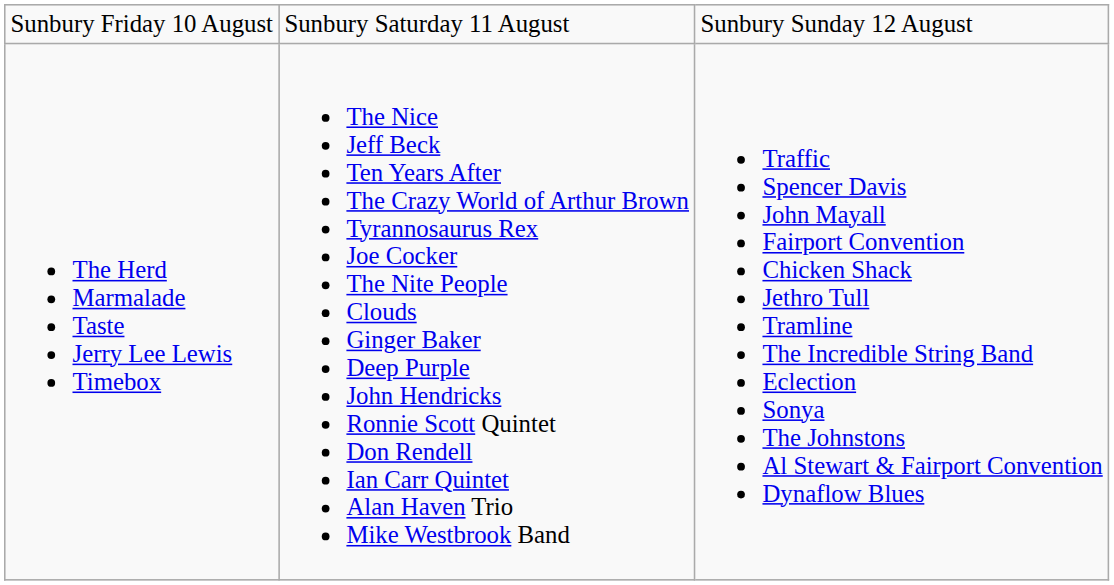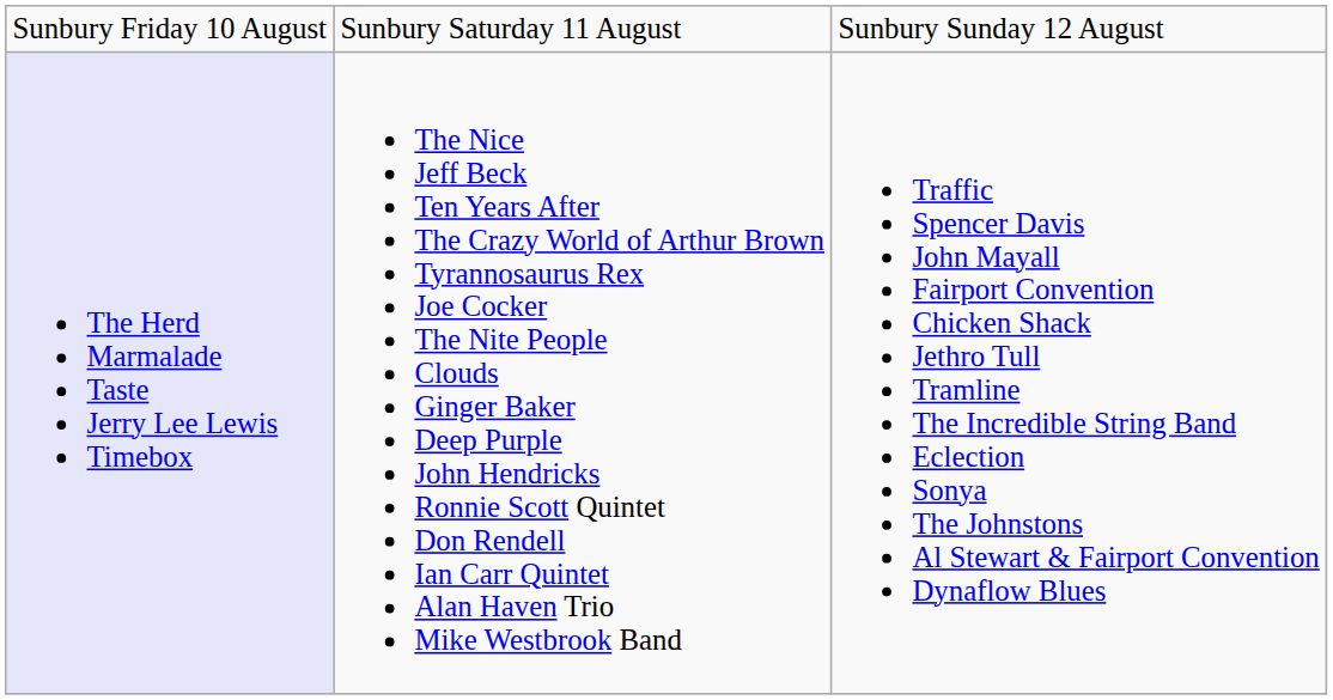 <table class="wikitable">
 <tr>
 <td>Sunbury Friday 10 August</td>
 <td>Sunbury Saturday 11 August</td>
 <td>Sunbury Sunday 12 August</td>
 </tr>
 <tr>
-<td><br><ul><li><a href='#'>The Herd</a></li><li><a href='#'>Marmalade</a></li><li><a href='#'>Taste</a></li><li><a href='#'>Jerry Lee Lewis</a></li><li><a href='#'>Timebox</a></li></ul></td>
+<td style="background: lavender;"><br><ul><li><a href='#'>The Herd</a></li><li><a href='#'>Marmalade</a></li><li><a href='#'>Taste</a></li><li><a href='#'>Jerry Lee Lewis</a></li><li><a href='#'>Timebox</a></li></ul></td>
 <td><br><ul><li><a href='#'>The Nice</a></li><li><a href='#'>Jeff Beck</a></li><li><a href='#'>Ten Years After</a></li><li><a href='#'>The Crazy World of Arthur Brown</a></li><li><a href='#'>Tyrannosaurus Rex</a></li><li><a href='#'>Joe Cocker</a></li><li><a href='#'>The Nite People</a></li><li><a href='#'>Clouds</a></li><li><a href='#'>Ginger Baker</a></li><li><a href='#'>Deep Purple</a></li><li><a href='#'>John Hendricks</a></li><li><a href='#'>Ronnie Scott</a> Quintet</li><li><a href='#'>Don Rendell</a></li><li><a href='#'>Ian Carr Quintet</a></li><li><a href='#'>Alan Haven</a> Trio</li><li><a href='#'>Mike Westbrook</a> Band</li></ul></td>
 <td><br><ul><li><a href='#'>Traffic</a></li><li><a href='#'>Spencer Davis</a></li><li><a href='#'>John Mayall</a></li><li><a href='#'>Fairport Convention</a></li><li><a href='#'>Chicken Shack</a></li><li><a href='#'>Jethro Tull</a></li><li><a href='#'>Tramline</a></li><li><a href='#'>The Incredible String Band</a></li><li><a href='#'>Eclection</a></li><li><a href='#'>Sonya</a></li><li><a href='#'>The Johnstons</a></li><li><a href='#'>Al Stewart & Fairport Convention</a></li><li><a href='#'>Dynaflow Blues</a></li></ul></td>
 </tr>
 </table>
